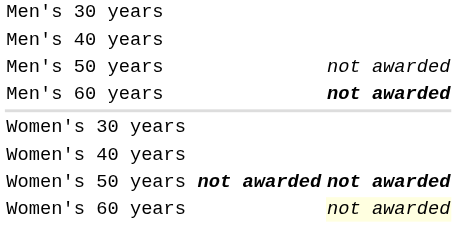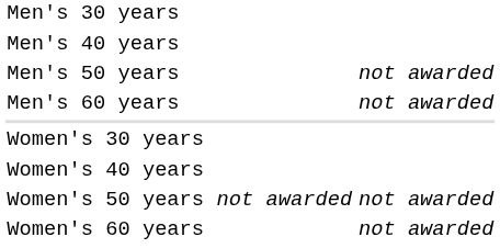 <table>
 <tr>
 <td>Men's 30 years</td>
 <td></td>
 <td></td>
 <td></td>
 </tr>
 <tr>
 <td>Men's 40 years</td>
 <td nowrap></td>
 <td></td>
 <td nowrap></td>
 </tr>
 <tr>
 <td>Men's 50 years</td>
 <td></td>
 <td></td>
 <td><em>not awarded</em></td>
 </tr>
 <tr>
 <td>Men's 60 years</td>
 <td></td>
 <td></td>
-<td><strong><em>not awarded</em></strong></td>
+<td><em>not awarded</em></td>
 </tr>
 <tr bgcolor=#dddddd>
 <td colspan=4></td>
 </tr>
 <tr>
 <td>Women's 30 years</td>
 <td></td>
 <td nowrap></td>
 <td></td>
 </tr>
 <tr>
 <td>Women's 40 years</td>
 <td></td>
 <td></td>
 <td></td>
 </tr>
 <tr>
 <td>Women's 50 years</td>
 <td nowrap></td>
-<td><strong><em>not awarded</em></strong></td>
-<td><strong><em>not awarded</em></strong></td>
+<td><em>not awarded</em></td>
+<td><em>not awarded</em></td>
 </tr>
 <tr>
 <td>Women's 60 years</td>
 <td></td>
 <td></td>
-<td style="background: lightyellow;"><em>not awarded</em></td>
+<td><em>not awarded</em></td>
 </tr>
 </table>
